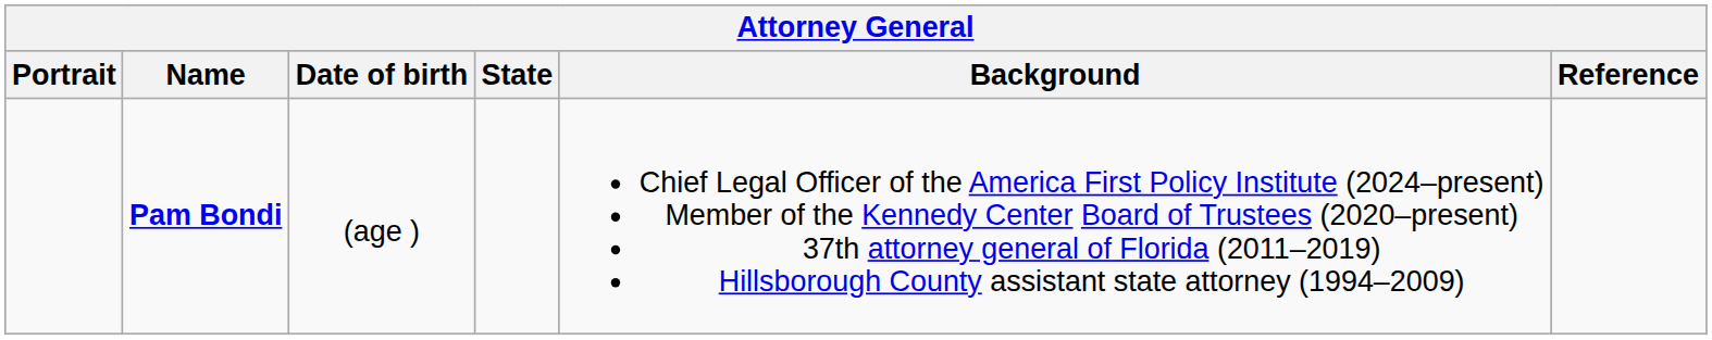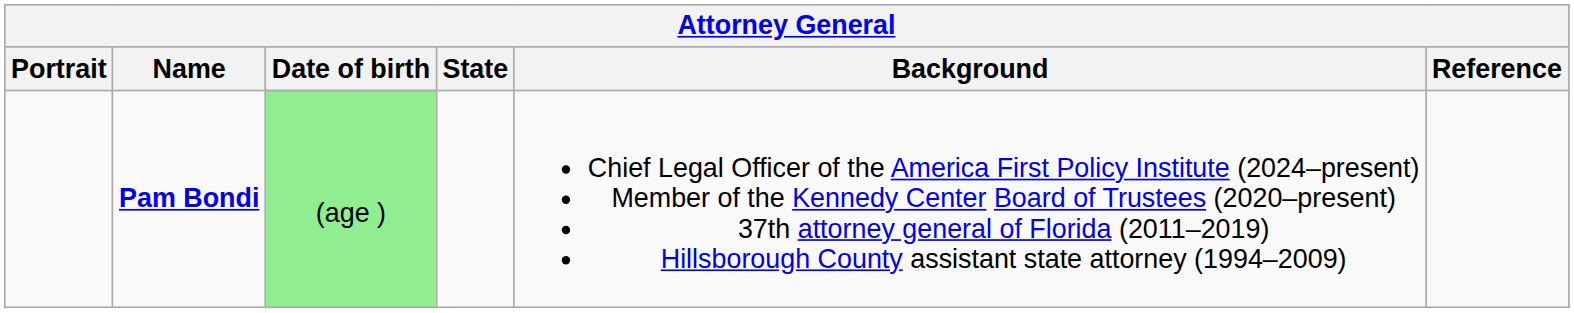 <table class="wikitable collapsible" style="text-align:center;">
 <tr>
 <th colspan="6"><a href='#'>Attorney General</a></th>
 </tr>
 <tr>
 <th>Portrait</th>
 <th>Name</th>
 <th>Date of birth</th>
 <th>State</th>
 <th>Background</th>
 <th>Reference</th>
 </tr>
 <tr>
 <td></td>
 <td><strong><a href='#'>Pam Bondi</a></strong></td>
-<td><br>(age )</td>
+<td style="background: lightgreen;"><br>(age )</td>
 <td></td>
 <td><br><ul><li>Chief Legal Officer of the <a href='#'>America First Policy Institute</a> (2024–present)</li><li>Member of the <a href='#'>Kennedy Center</a> <a href='#'>Board of Trustees</a> (2020–present)</li><li>37th <a href='#'>attorney general of Florida</a> (2011–2019)</li><li><a href='#'>Hillsborough County</a> assistant state attorney (1994–2009)</li></ul></td>
 <td></td>
 </tr>
 </table>
